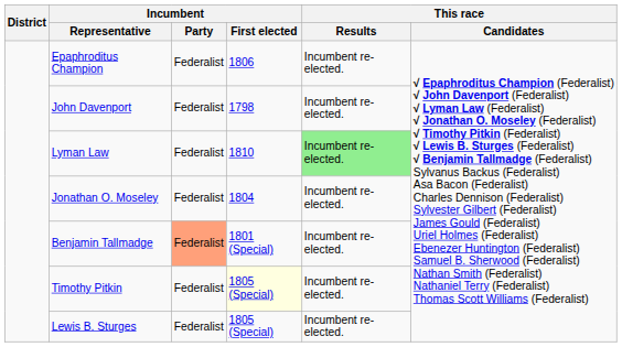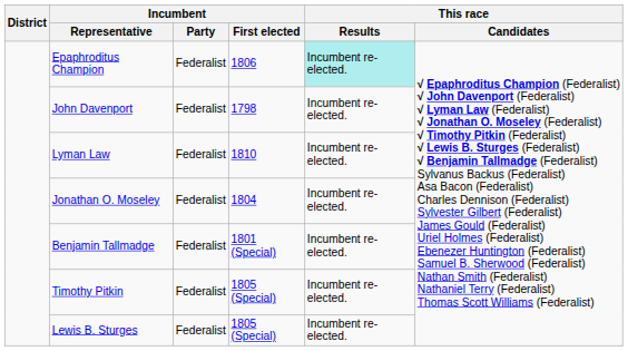 <table class=wikitable>
 <tr>
 <th rowspan=2>District</th>
 <th colspan=3>Incumbent</th>
 <th colspan=2>This race</th>
 </tr>
 <tr>
 <th>Representative</th>
 <th>Party</th>
 <th>First elected</th>
 <th>Results</th>
 <th>Candidates</th>
 </tr>
 <tr style="height:4em">
 <td rowspan=7><br></td>
 <td><a href='#'>Epaphroditus Champion</a></td>
 <td>Federalist</td>
 <td><a href='#'>1806</a></td>
-<td>Incumbent re-elected.</td>
+<td style="background: paleturquoise;">Incumbent re-elected.</td>
 <td rowspan=7 nowrap><strong>√ <a href='#'>Epaphroditus Champion</a></strong> (Federalist)<br><strong>√ <a href='#'>John Davenport</a></strong> (Federalist)<br><strong>√ <a href='#'>Lyman Law</a></strong> (Federalist)<br><strong>√ <a href='#'>Jonathan O. Moseley</a></strong> (Federalist)<br><strong>√ <a href='#'>Timothy Pitkin</a></strong> (Federalist)<br><strong>√ <a href='#'>Lewis B. Sturges</a></strong> (Federalist)<br><strong>√ <a href='#'>Benjamin Tallmadge</a></strong> (Federalist)<br>Sylvanus Backus (Federalist)<br>Asa Bacon (Federalist)<br>Charles Dennison (Federalist)<br><a href='#'>Sylvester Gilbert</a> (Federalist)<br><a href='#'>James Gould</a> (Federalist)<br><a href='#'>Uriel Holmes</a> (Federalist)<br><a href='#'>Ebenezer Huntington</a> (Federalist)<br><a href='#'>Samuel B. Sherwood</a> (Federalist)<br><a href='#'>Nathan Smith</a> (Federalist)<br><a href='#'>Nathaniel Terry</a> (Federalist)<br><a href='#'>Thomas Scott Williams</a> (Federalist)</td>
 </tr>
 <tr style="height:4em">
 <td><a href='#'>John Davenport</a></td>
 <td>Federalist</td>
 <td><a href='#'>1798</a></td>
 <td>Incumbent re-elected.</td>
 </tr>
 <tr style="height:4em">
 <td><a href='#'>Lyman Law</a></td>
 <td>Federalist</td>
 <td><a href='#'>1810</a></td>
-<td style="background: lightgreen;">Incumbent re-elected.</td>
+<td>Incumbent re-elected.</td>
 </tr>
 <tr style="height:4em">
 <td><a href='#'>Jonathan O. Moseley</a></td>
 <td>Federalist</td>
 <td><a href='#'>1804</a></td>
 <td>Incumbent re-elected.</td>
 </tr>
 <tr style="height:4em">
 <td><a href='#'>Benjamin Tallmadge</a></td>
-<td style="background: lightsalmon;">Federalist</td>
+<td>Federalist</td>
 <td><a href='#'>1801 (Special)</a></td>
 <td>Incumbent re-elected.</td>
 </tr>
 <tr style="height:4em">
 <td><a href='#'>Timothy Pitkin</a></td>
 <td>Federalist</td>
-<td style="background: lightyellow;"><a href='#'>1805 (Special)</a></td>
+<td><a href='#'>1805 (Special)</a></td>
 <td>Incumbent re-elected.</td>
 </tr>
 <tr>
 <td><a href='#'>Lewis B. Sturges</a></td>
 <td>Federalist</td>
 <td><a href='#'>1805 (Special)</a></td>
 <td>Incumbent re-elected.</td>
 </tr>
 </table>
